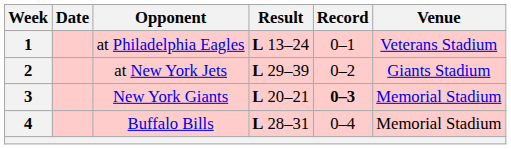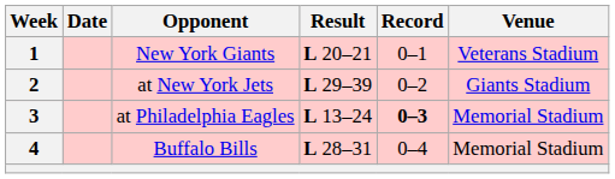 <table class="wikitable" style="text-align:center">
 <tr>
 <th>Week</th>
 <th>Date</th>
 <th>Opponent</th>
 <th>Result</th>
 <th>Record</th>
 <th>Venue</th>
 </tr>
 <tr style="background:#fcc">
 <th>1</th>
 <td></td>
-<td>at <a href='#'>Philadelphia Eagles</a></td>
-<td><strong>L</strong> 13–24</td>
+<td><a href='#'>New York Giants</a></td>
+<td><strong>L</strong> 20–21</td>
 <td>0–1</td>
 <td><a href='#'>Veterans Stadium</a></td>
 </tr>
 <tr style="background:#fcc">
 <th>2</th>
 <td></td>
 <td>at <a href='#'>New York Jets</a></td>
 <td><strong>L</strong> 29–39</td>
 <td>0–2</td>
 <td><a href='#'>Giants Stadium</a></td>
 </tr>
 <tr style="background:#fcc">
 <th>3</th>
 <td></td>
-<td><a href='#'>New York Giants</a></td>
-<td><strong>L</strong> 20–21</td>
+<td>at <a href='#'>Philadelphia Eagles</a></td>
+<td><strong>L</strong> 13–24</td>
 <td><strong>0–3</strong></td>
 <td><a href='#'>Memorial Stadium</a></td>
 </tr>
 <tr style="background:#fcc">
 <th>4</th>
 <td></td>
 <td><a href='#'>Buffalo Bills</a></td>
 <td><strong>L</strong> 28–31</td>
 <td>0–4</td>
 <td>Memorial Stadium</td>
 </tr>
 <tr>
 <th colspan="6"></th>
 </tr>
 </table>
